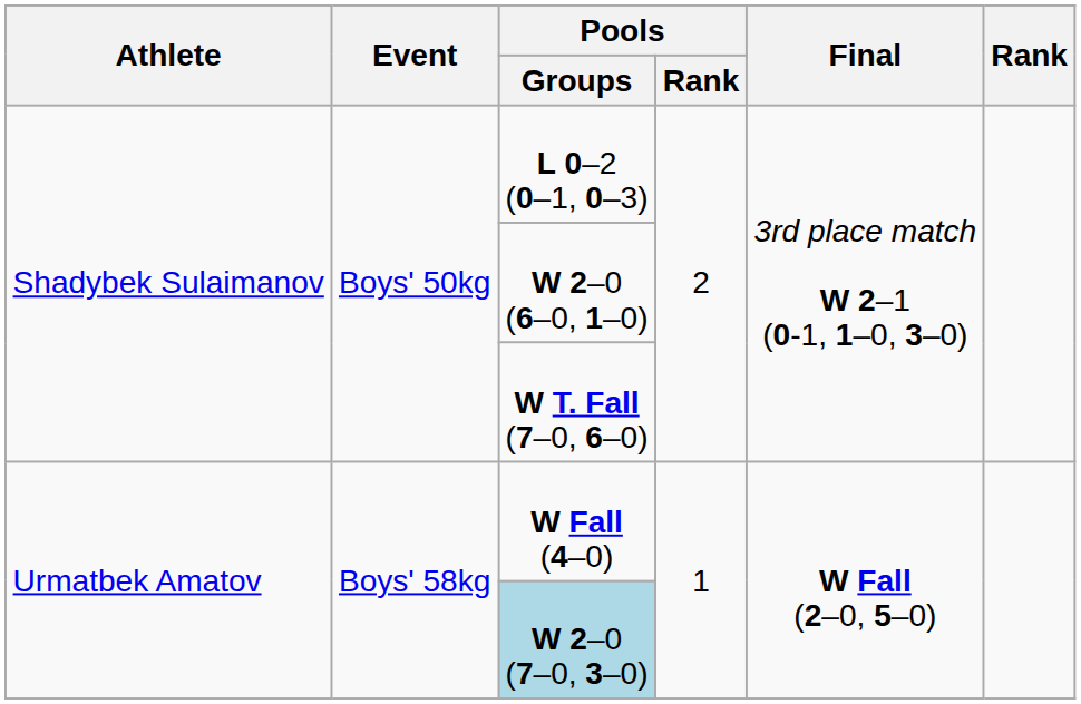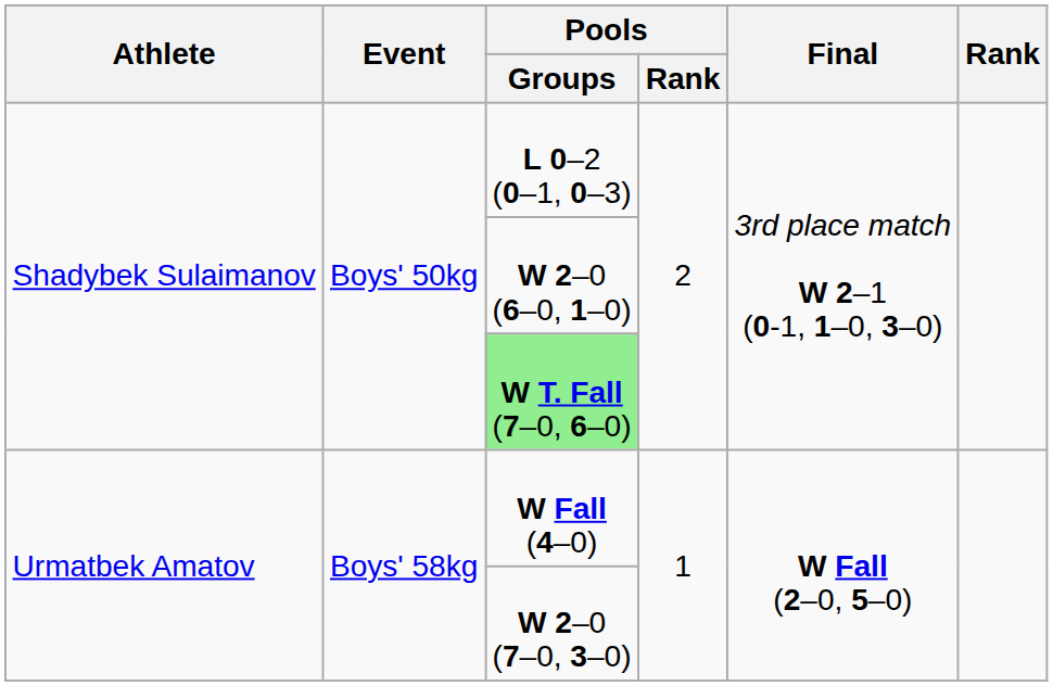 <table class="wikitable" style="text-align:left; font-size:90%">
 <tr>
 <th rowspan="2">Athlete</th>
 <th rowspan="2">Event</th>
 <th colspan="2">Pools</th>
 <th rowspan="2">Final</th>
 <th rowspan="2">Rank</th>
 </tr>
 <tr>
 <th>Groups</th>
 <th>Rank</th>
 </tr>
 <tr>
 <td rowspan="3"><a href='#'>Shadybek Sulaimanov</a></td>
 <td rowspan="3"><a href='#'>Boys' 50kg</a></td>
 <td align=center><br><strong>L</strong> <strong>0</strong>–2<br>(<strong>0</strong>–1, <strong>0</strong>–3)</td>
 <td rowspan="3" align=center>2</td>
 <td align=center rowspan=3><em>3rd place match</em><br><br><strong>W</strong> <strong>2</strong>–1<br>(<strong>0</strong>-1, <strong>1</strong>–0, <strong>3</strong>–0)</td>
 <td rowspan="3" align="center"></td>
 </tr>
 <tr>
 <td align=center><br><strong>W</strong> <strong>2</strong>–0<br>(<strong>6</strong>–0, <strong>1</strong>–0)</td>
 </tr>
 <tr>
-<td align=center><br><strong>W</strong> <strong><a href='#'>T. Fall</a></strong><br>(<strong>7</strong>–0, <strong>6</strong>–0)</td>
+<td align=center style="background: lightgreen;"><br><strong>W</strong> <strong><a href='#'>T. Fall</a></strong><br>(<strong>7</strong>–0, <strong>6</strong>–0)</td>
 </tr>
 <tr>
 <td rowspan="2"><a href='#'>Urmatbek Amatov</a></td>
 <td rowspan="2"><a href='#'>Boys' 58kg</a></td>
 <td align=center><br><strong>W</strong> <strong><a href='#'>Fall</a></strong><br>(<strong>4</strong>–0)</td>
 <td rowspan="2" align=center>1</td>
 <td align=center rowspan=2><br><strong>W</strong> <strong><a href='#'>Fall</a></strong><br>(<strong>2</strong>–0, <strong>5</strong>–0)</td>
 <td rowspan="2" align="center"></td>
 </tr>
 <tr>
-<td align=center style="background: lightblue;"><br><strong>W</strong> <strong>2</strong>–0<br>(<strong>7</strong>–0, <strong>3</strong>–0)</td>
+<td align=center><br><strong>W</strong> <strong>2</strong>–0<br>(<strong>7</strong>–0, <strong>3</strong>–0)</td>
 </tr>
 </table>
